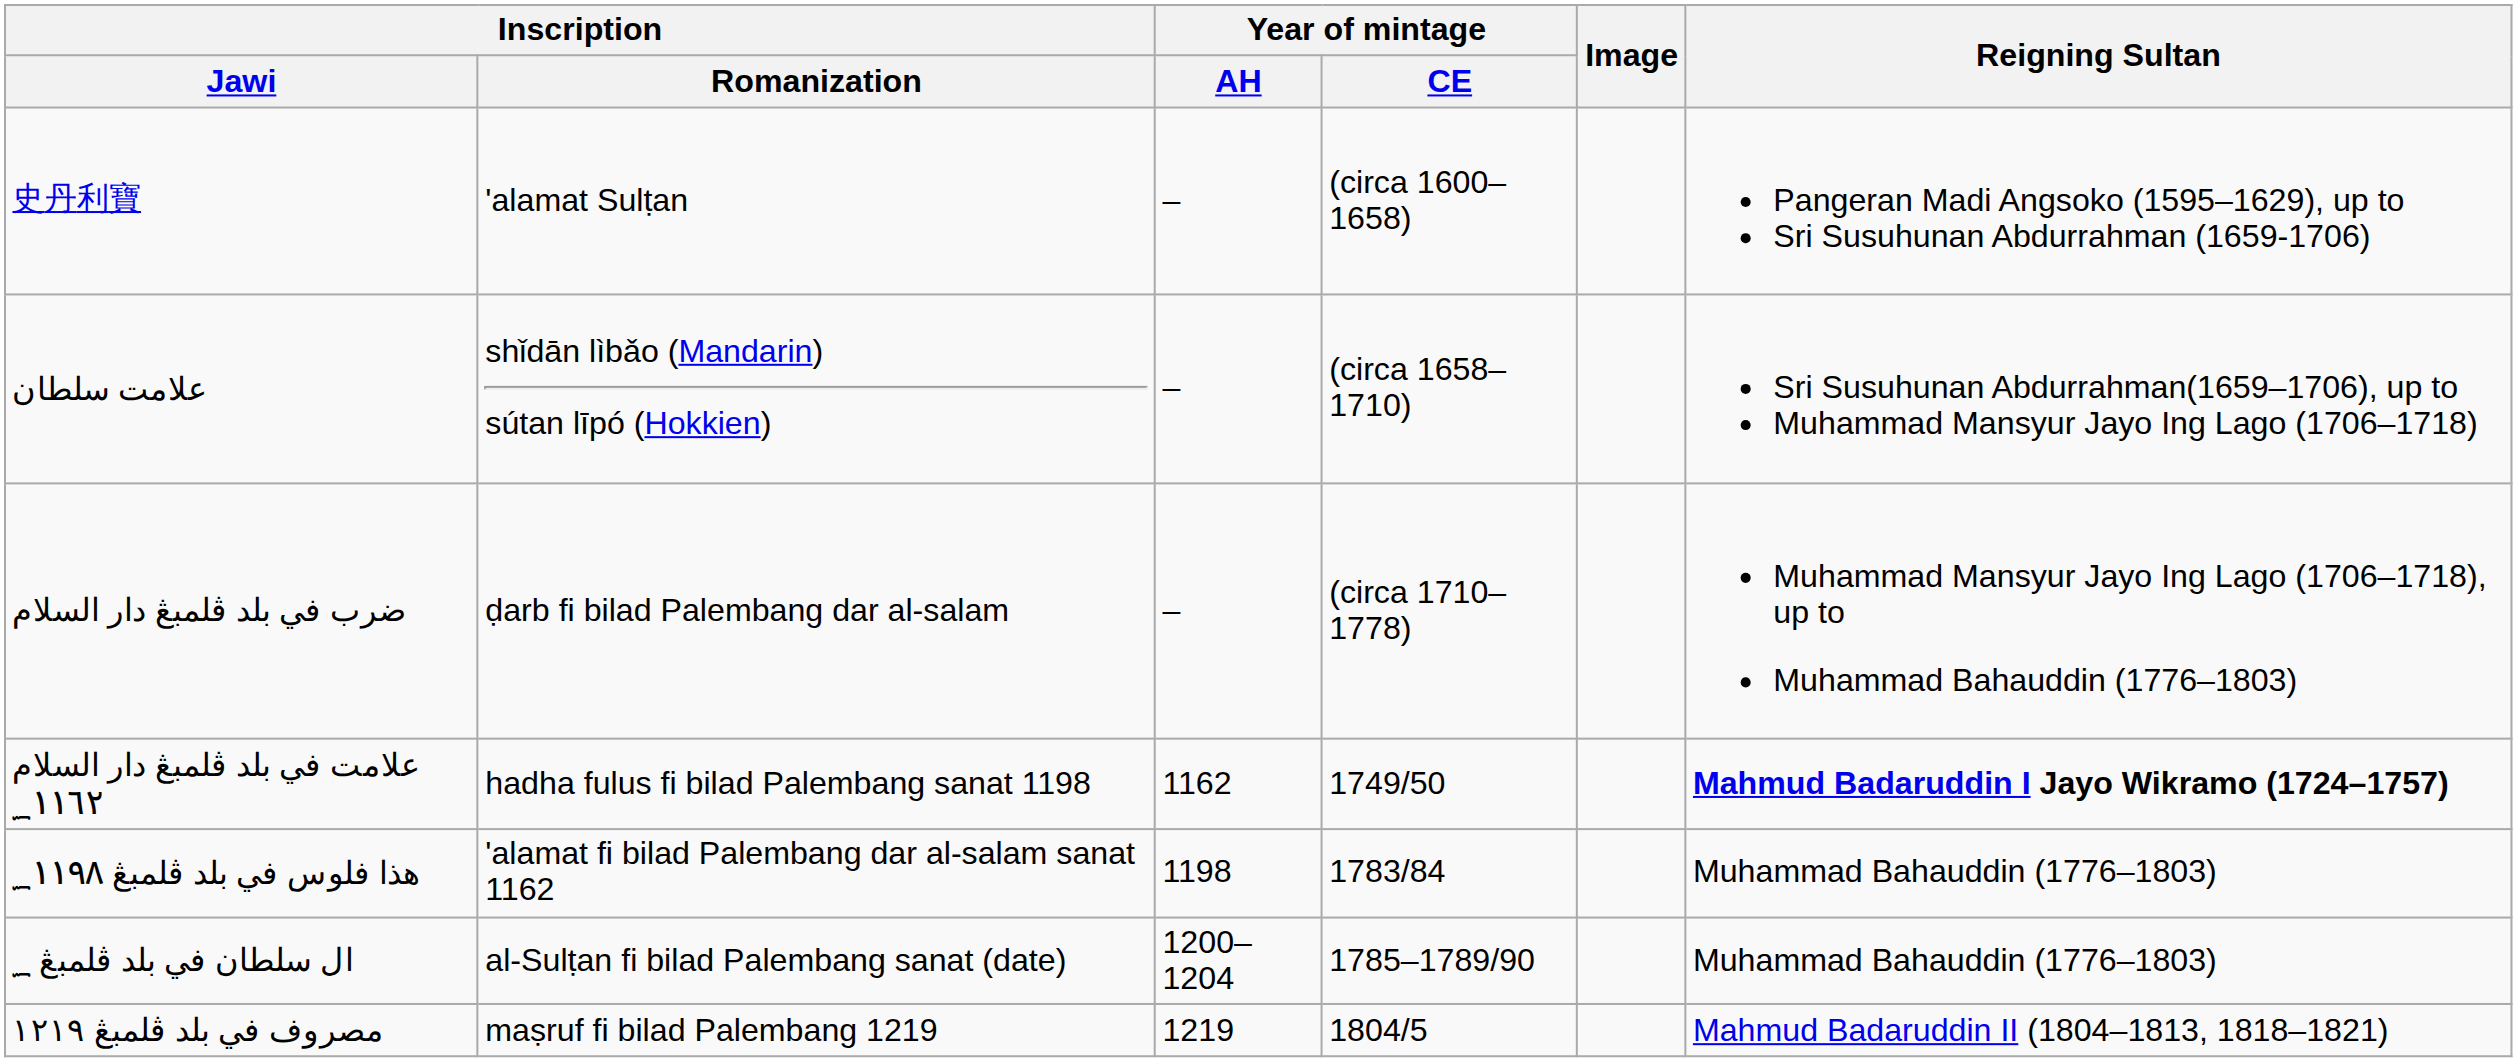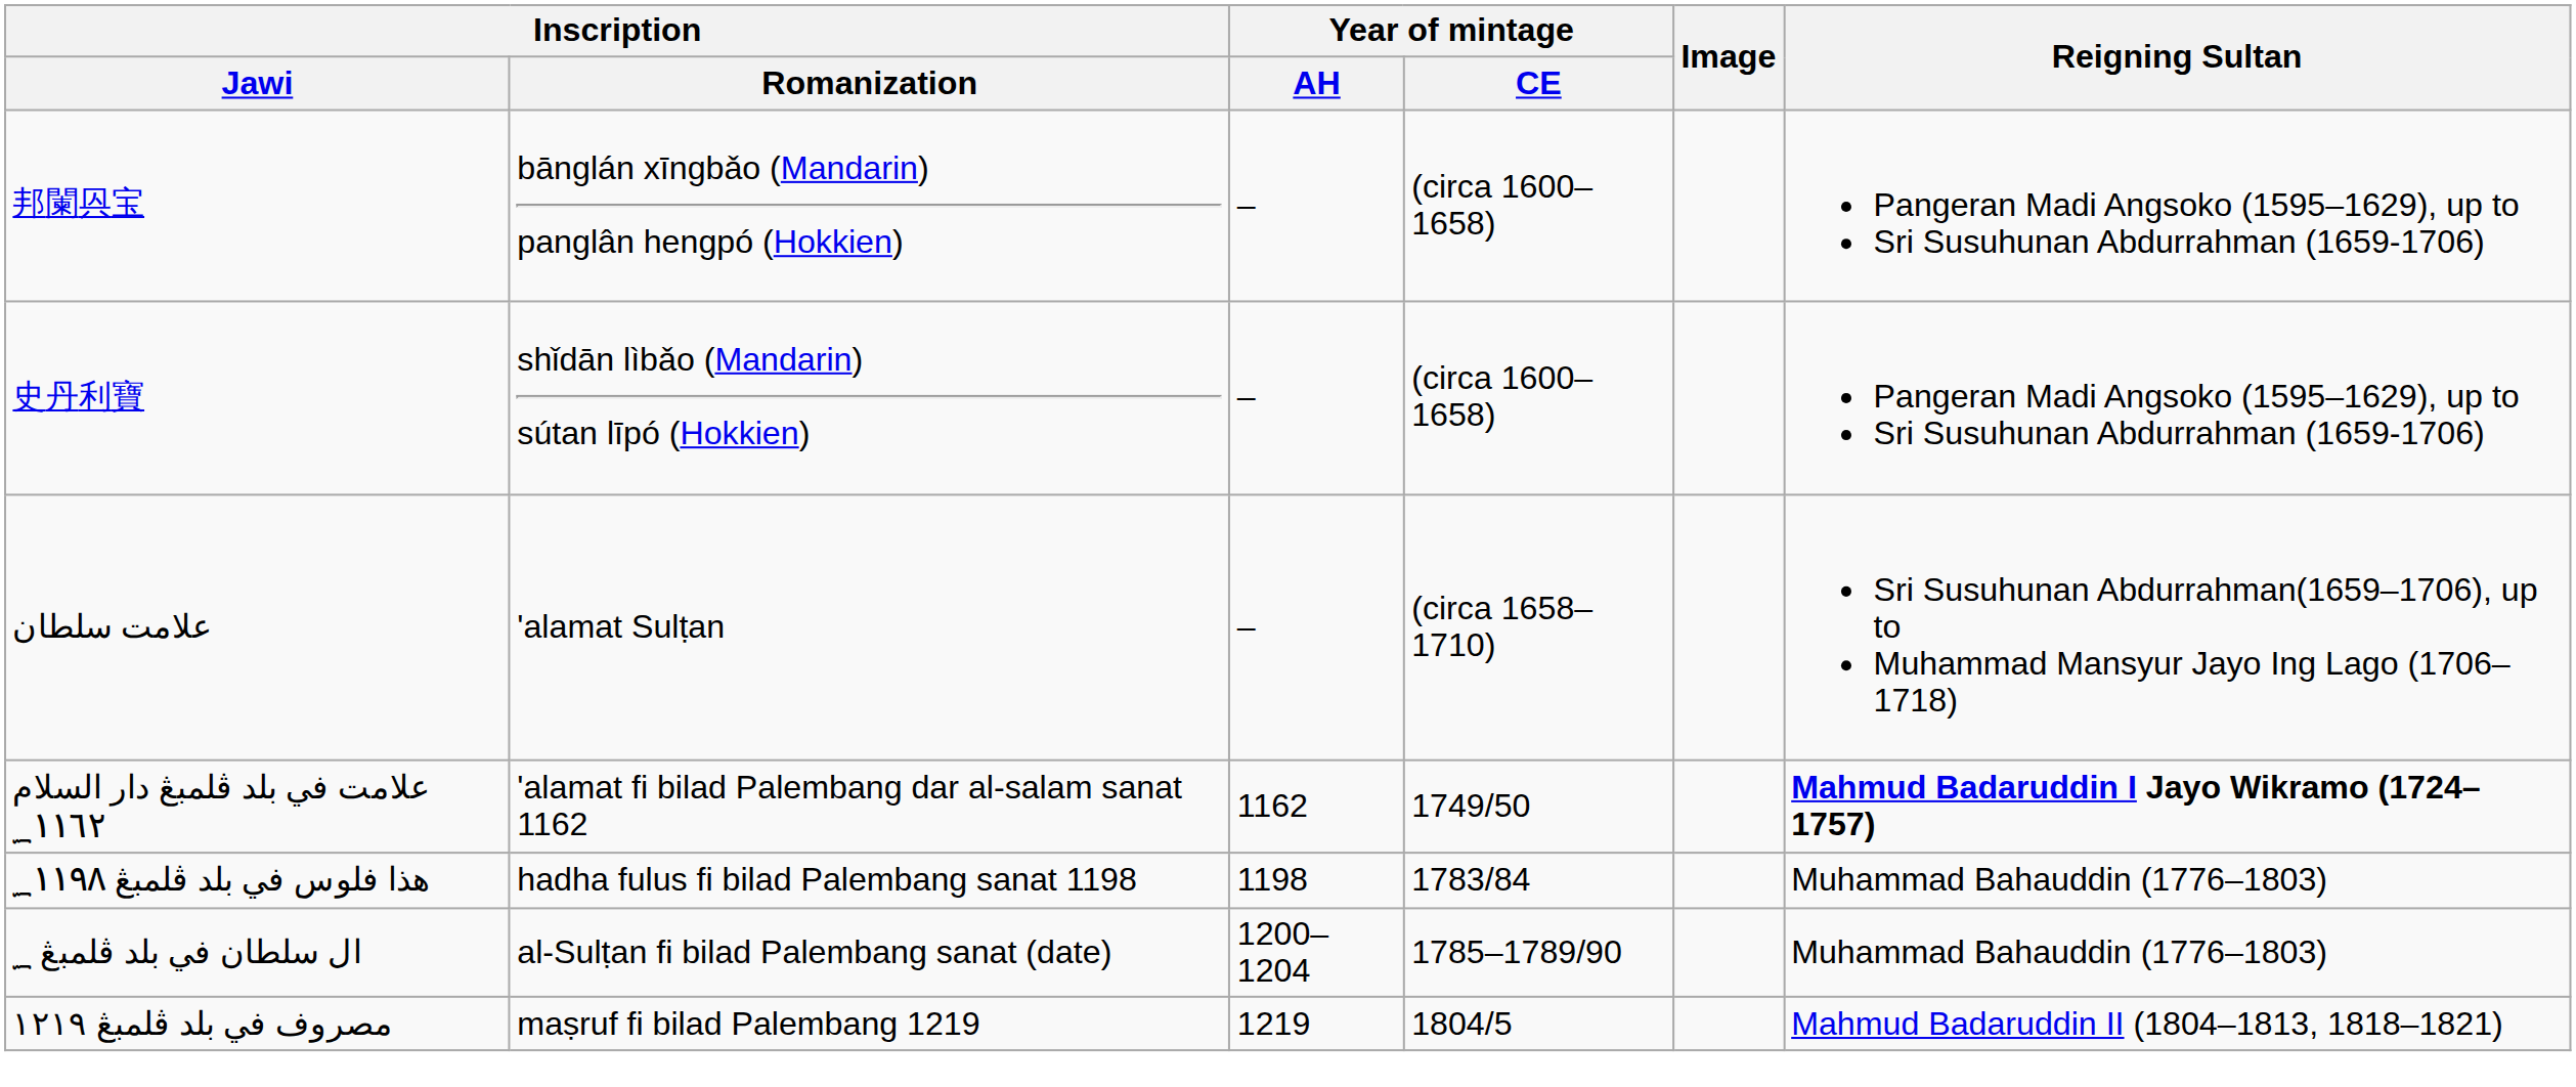 <table class="wikitable">
 <tr>
 <th colspan="2">Inscription</th>
 <th colspan="2">Year of mintage</th>
 <th rowspan="2">Image</th>
 <th rowspan="2">Reigning Sultan</th>
 </tr>
 <tr>
 <th><a href='#'>Jawi</a></th>
 <th>Romanization</th>
 <th><a href='#'>AH</a></th>
 <th><a href='#'>CE</a></th>
 </tr>
 <tr>
+<td><a href='#'>邦</a><a href='#'>闌</a><a href='#'>㒷</a><a href='#'>宝</a></td>
+<td>bānglán xīngbǎo (<a href='#'>Mandarin</a>) <hr> panglân hengpó (<a href='#'>Hokkien</a>)</td>
+<td>–</td>
+<td>(circa  1600–1658)</td>
+<td style="text-align: center;"></td>
+<td><br><ul><li>Pangeran Madi Angsoko (1595–1629), up to</li><li>Sri Susuhunan Abdurrahman (1659-1706)</li></ul></td>
+</tr>
+<tr>
 <td><a href='#'>史</a><a href='#'>丹</a><a href='#'>利</a><a href='#'>寶</a></td>
-<td>'alamat Sulṭan</td>
+<td>shǐdān lìbǎo (<a href='#'>Mandarin</a>) <hr> sútan līpó (<a href='#'>Hokkien</a>)</td>
 <td>–</td>
 <td>(circa 1600–1658)</td>
 <td style="text-align: center;"></td>
 <td><br><ul><li>Pangeran Madi Angsoko (1595–1629), up to</li><li>Sri Susuhunan Abdurrahman (1659-1706)</li></ul></td>
 </tr>
 <tr>
 <td>علامت سلطان</td>
-<td>shǐdān lìbǎo (<a href='#'>Mandarin</a>) <hr> sútan līpó (<a href='#'>Hokkien</a>)</td>
+<td>'alamat Sulṭan</td>
 <td>–</td>
 <td>(circa 1658–1710)</td>
 <td></td>
 <td><br><ul><li>Sri Susuhunan Abdurrahman(1659–1706), up to</li><li>Muhammad Mansyur Jayo Ing Lago (1706–1718)</li></ul></td>
 </tr>
 <tr>
-<td>ضرب في بلد ڤلمبڠ دار السلام</td>
-<td>ḍarb fi bilad Palembang dar al-salam</td>
-<td>–</td>
-<td>(circa 1710–1778)</td>
-<td></td>
-<td><br><ul><li>Muhammad Mansyur Jayo Ing Lago (1706–1718), up to</li></ul><ul><li>Muhammad Bahauddin (1776–1803)</li></ul></td>
-</tr>
-<tr>
 <td>علامت في بلد ڤلمبڠ دار السلام ؁١١٦٢</td>
-<td>hadha fulus fi bilad Palembang sanat 1198</td>
+<td>'alamat fi bilad Palembang dar al-salam sanat 1162</td>
 <td>1162</td>
 <td>1749/50</td>
 <td style="text-align: center;"></td>
 <td><strong><a href='#'>Mahmud Badaruddin I</a> Jayo Wikramo (1724–1757)</strong></td>
 </tr>
 <tr>
 <td>هذا فلوس في بلد ڤلمبڠ ؁١١٩٨</td>
-<td>'alamat fi bilad Palembang dar al-salam sanat 1162</td>
+<td>hadha fulus fi bilad Palembang sanat 1198</td>
 <td>1198</td>
 <td>1783/84</td>
 <td style="text-align: center;"></td>
 <td>Muhammad Bahauddin (1776–1803)</td>
 </tr>
 <tr>
 <td>ال سلطان في بلد ڤلمبڠ ؁</td>
 <td>al-Sulṭan fi bilad Palembang sanat (date)</td>
 <td>1200–1204</td>
 <td>1785–1789/90</td>
 <td></td>
 <td>Muhammad Bahauddin (1776–1803)</td>
 </tr>
 <tr>
 <td>مصروف في بلد ڤلمبڠ ١٢١٩</td>
 <td>maṣruf fi bilad Palembang 1219</td>
 <td>1219</td>
 <td>1804/5</td>
 <td></td>
 <td><a href='#'>Mahmud Badaruddin II</a> (1804–1813, 1818–1821)</td>
 </tr>
 </table>
